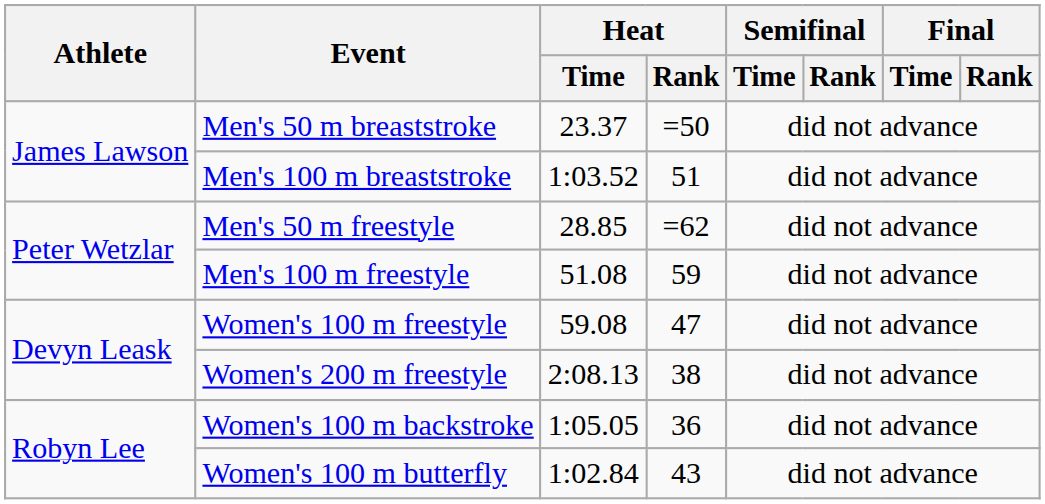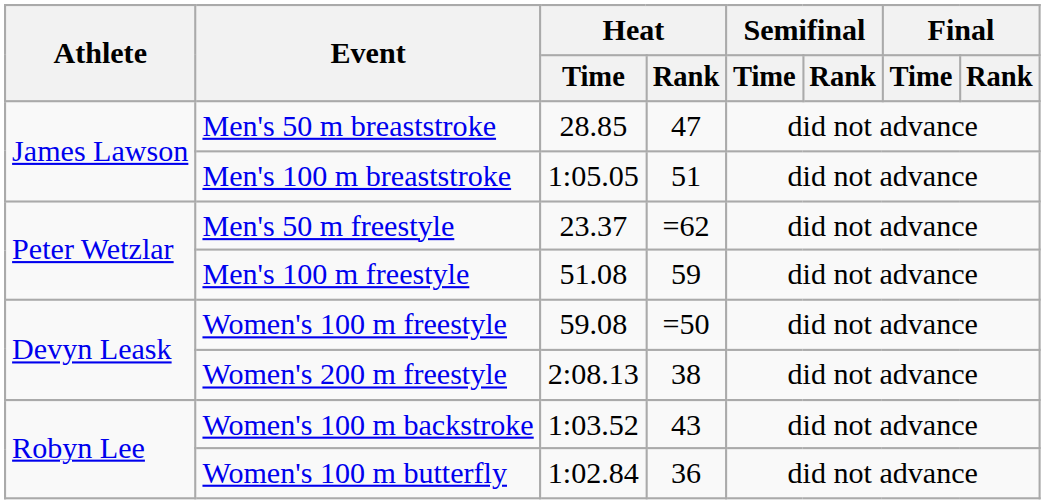 <table class=wikitable style=font-size:90%>
 <tr>
 <th rowspan=2>Athlete</th>
 <th rowspan=2>Event</th>
 <th colspan=2>Heat</th>
 <th colspan=2>Semifinal</th>
 <th colspan=2>Final</th>
 </tr>
 <tr style=font-size:95%>
 <th>Time</th>
 <th>Rank</th>
 <th>Time</th>
 <th>Rank</th>
 <th>Time</th>
 <th>Rank</th>
 </tr>
 <tr align=center>
 <td align=left rowspan=2><a href='#'>James Lawson</a></td>
 <td align=left><a href='#'>Men's 50 m breaststroke</a></td>
-<td>23.37</td>
-<td>=50</td>
+<td>28.85</td>
+<td>47</td>
 <td colspan=4>did not advance</td>
 </tr>
 <tr align=center>
 <td align=left><a href='#'>Men's 100 m breaststroke</a></td>
-<td>1:03.52</td>
+<td>1:05.05</td>
 <td>51</td>
 <td colspan=4>did not advance</td>
 </tr>
 <tr align=center>
 <td align=left rowspan=2><a href='#'>Peter Wetzlar</a></td>
 <td align=left><a href='#'>Men's 50 m freestyle</a></td>
-<td>28.85</td>
+<td>23.37</td>
 <td>=62</td>
 <td colspan=4>did not advance</td>
 </tr>
 <tr align=center>
 <td align=left><a href='#'>Men's 100 m freestyle</a></td>
 <td>51.08</td>
 <td>59</td>
 <td colspan=4>did not advance</td>
 </tr>
 <tr align=center>
 <td align=left rowspan=2><a href='#'>Devyn Leask</a></td>
 <td align=left><a href='#'>Women's 100 m freestyle</a></td>
 <td>59.08</td>
-<td>47</td>
+<td>=50</td>
 <td colspan=4>did not advance</td>
 </tr>
 <tr align=center>
 <td align=left><a href='#'>Women's 200 m freestyle</a></td>
 <td>2:08.13</td>
 <td>38</td>
 <td colspan=4>did not advance</td>
 </tr>
 <tr align=center>
 <td align=left rowspan=2><a href='#'>Robyn Lee</a></td>
 <td align=left><a href='#'>Women's 100 m backstroke</a></td>
-<td>1:05.05</td>
-<td>36</td>
+<td>1:03.52</td>
+<td>43</td>
 <td colspan=4>did not advance</td>
 </tr>
 <tr align=center>
 <td align=left><a href='#'>Women's 100 m butterfly</a></td>
 <td>1:02.84</td>
-<td>43</td>
+<td>36</td>
 <td colspan=4>did not advance</td>
 </tr>
 </table>
